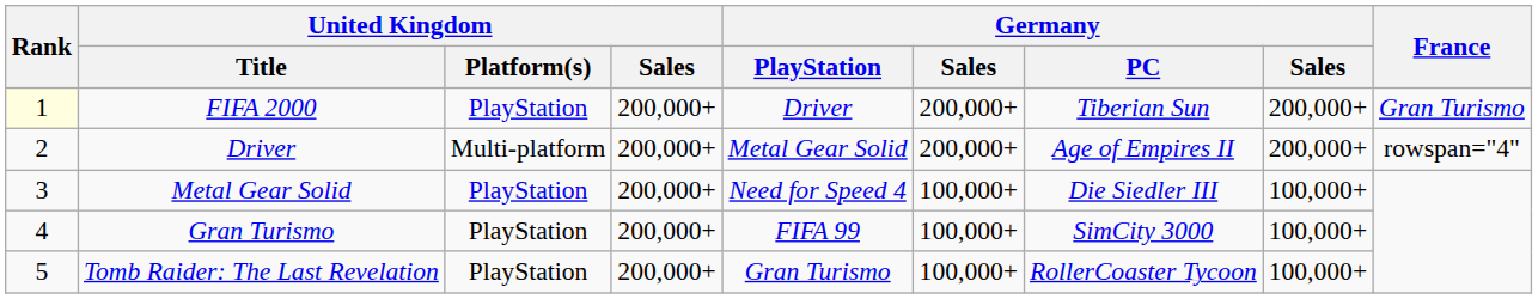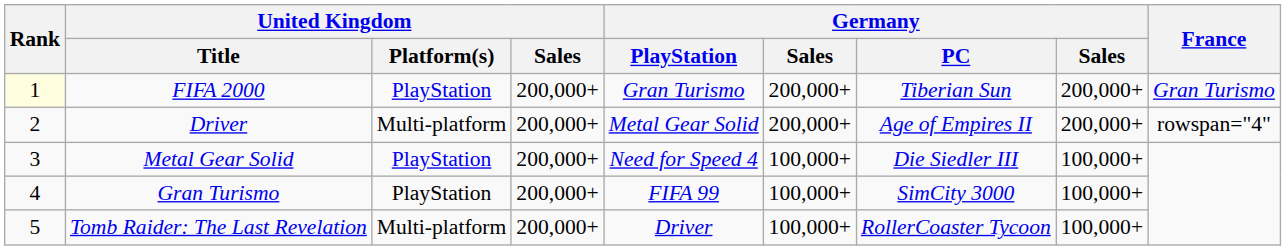 <table class="wikitable sortable" style="text-align:center">
 <tr>
 <th rowspan="2">Rank</th>
 <th colspan="3"><a href='#'>United Kingdom</a></th>
 <th colspan="4"><a href='#'>Germany</a></th>
 <th rowspan="2"><a href='#'>France</a></th>
 </tr>
 <tr>
 <th>Title</th>
 <th>Platform(s)</th>
 <th>Sales</th>
 <th><a href='#'>PlayStation</a></th>
 <th>Sales</th>
 <th><a href='#'>PC</a></th>
 <th>Sales</th>
 </tr>
 <tr>
 <td style="background: lightyellow;">1</td>
 <td><em><a href='#'>FIFA 2000</a></em></td>
 <td><a href='#'>PlayStation</a></td>
 <td>200,000+</td>
-<td><em><a href='#'>Driver</a></em></td>
+<td><em><a href='#'>Gran Turismo</a></em></td>
 <td>200,000+</td>
 <td><em><a href='#'>Tiberian Sun</a></em></td>
 <td>200,000+</td>
 <td><em><a href='#'>Gran Turismo</a></em></td>
 </tr>
 <tr>
 <td>2</td>
 <td><em><a href='#'>Driver</a></em></td>
 <td>Multi-platform</td>
 <td>200,000+</td>
 <td><em><a href='#'>Metal Gear Solid</a></em></td>
 <td>200,000+</td>
 <td><em><a href='#'>Age of Empires II</a></em></td>
 <td>200,000+</td>
 <td>rowspan="4" </td>
 </tr>
 <tr>
 <td>3</td>
 <td><em><a href='#'>Metal Gear Solid</a></em></td>
 <td><a href='#'>PlayStation</a></td>
 <td>200,000+</td>
 <td><em><a href='#'>Need for Speed 4</a></em></td>
 <td>100,000+</td>
 <td><em><a href='#'>Die Siedler III</a></em></td>
 <td>100,000+</td>
 </tr>
 <tr>
 <td>4</td>
 <td><em><a href='#'>Gran Turismo</a></em></td>
 <td>PlayStation</td>
 <td>200,000+</td>
 <td><em><a href='#'>FIFA 99</a></em></td>
 <td>100,000+</td>
 <td><em><a href='#'>SimCity 3000</a></em></td>
 <td>100,000+</td>
 </tr>
 <tr>
 <td>5</td>
 <td><em><a href='#'>Tomb Raider: The Last Revelation</a></em></td>
-<td>PlayStation</td>
+<td>Multi-platform</td>
 <td>200,000+</td>
-<td><em><a href='#'>Gran Turismo</a></em></td>
+<td><em><a href='#'>Driver</a></em></td>
 <td>100,000+</td>
 <td><em><a href='#'>RollerCoaster Tycoon</a></em></td>
 <td>100,000+</td>
 </tr>
 </table>
